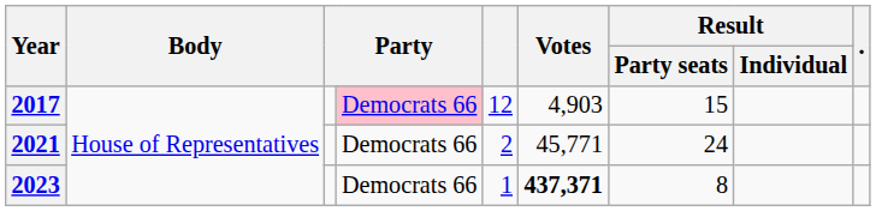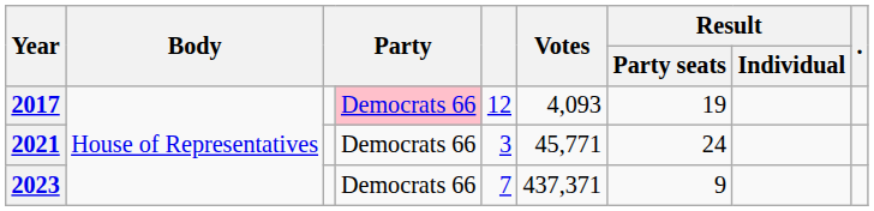 <table class="wikitable plainrowheaders sortable" border=2 cellpadding=4 cellspacing=0 style="border: 1px #aaa solid; font-size: 90%; text-align:center;">
 <tr>
 <th scope="col" rowspan=2>Year</th>
 <th scope="col" rowspan=2>Body</th>
 <th scope="col" colspan=2 rowspan=2>Party</th>
 <th scope="col" rowspan=2></th>
 <th scope="col" rowspan=2>Votes</th>
 <th scope="colgroup" colspan=2>Result</th>
 <th scope="col" rowspan=2 class="unsortable">.</th>
 </tr>
 <tr>
 <th scope="col">Party seats</th>
 <th scope="col">Individual</th>
 </tr>
 <tr>
 <th scope="row"><a href='#'>2017</a></th>
 <td rowspan="3"><a href='#'>House of Representatives</a></td>
 <td style="background-color:"></td>
 <td style="background: pink;"><a href='#'>Democrats 66</a></td>
 <td style=text-align:right><a href='#'>12</a></td>
-<td style=text-align:right>4,903</td>
-<td style=text-align:right>15</td>
+<td style=text-align:right>4,093</td>
+<td style=text-align:right>19</td>
 <td></td>
 <td></td>
 </tr>
 <tr>
 <th scope="row"><a href='#'>2021</a></th>
 <td style="background-color:"></td>
 <td>Democrats 66</td>
-<td style=text-align:right><a href='#'>2</a></td>
+<td style=text-align:right><a href='#'>3</a></td>
 <td style=text-align:right>45,771</td>
 <td style=text-align:right>24</td>
 <td></td>
 <td></td>
 </tr>
 <tr>
 <th scope="row"><a href='#'>2023</a></th>
 <td style="background-color:"></td>
 <td>Democrats 66</td>
-<td style=text-align:right><a href='#'>1</a></td>
-<td style=text-align:right><strong>437,371</strong></td>
-<td style=text-align:right>8</td>
+<td style=text-align:right><a href='#'>7</a></td>
+<td style=text-align:right>437,371</td>
+<td style=text-align:right>9</td>
 <td></td>
 <td></td>
 </tr>
 </table>
